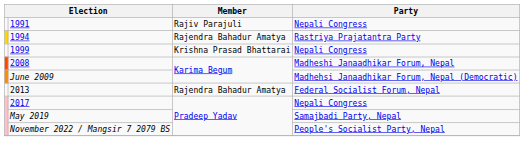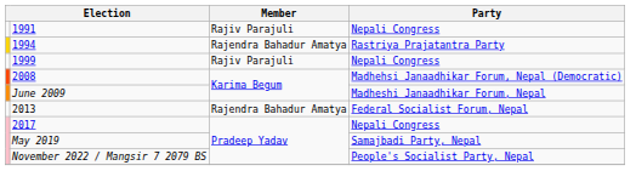 <table class="wikitable">
 <tr>
 <th colspan="2">Election</th>
 <th>Member</th>
 <th>Party</th>
 </tr>
 <tr>
 <td style="background-color:"></td>
 <td><a href='#'>1991</a></td>
 <td>Rajiv Parajuli</td>
 <td><a href='#'>Nepali Congress</a></td>
 </tr>
 <tr>
 <td style="background-color:gold"></td>
 <td><a href='#'>1994</a></td>
 <td>Rajendra Bahadur Amatya</td>
 <td><a href='#'>Rastriya Prajatantra Party</a></td>
 </tr>
 <tr>
 <td style="background-color:"></td>
 <td><a href='#'>1999</a></td>
-<td>Krishna Prasad Bhattarai</td>
+<td>Rajiv Parajuli</td>
 <td><a href='#'>Nepali Congress</a></td>
 </tr>
 <tr>
 <td style="background-color:orangered"></td>
 <td><a href='#'>2008</a></td>
 <td rowspan="2"><a href='#'>Karima Begum</a></td>
-<td><a href='#'>Madheshi Janaadhikar Forum, Nepal</a></td>
+<td><a href='#'>Madhehsi Janaadhikar Forum, Nepal (Democratic)</a></td>
 </tr>
 <tr>
 <td style="background-color:darkorange"></td>
 <td><em>June 2009</em></td>
-<td><a href='#'>Madhehsi Janaadhikar Forum, Nepal (Democratic)</a></td>
+<td><a href='#'>Madheshi Janaadhikar Forum, Nepal</a></td>
 </tr>
 <tr>
 <td style="background-color:"></td>
 <td>2013</td>
 <td>Rajendra Bahadur Amatya</td>
 <td><a href='#'>Federal Socialist Forum, Nepal</a></td>
 </tr>
 <tr>
 <td rowspan="3" style="background-color:pink"></td>
 <td><a href='#'>2017</a></td>
 <td rowspan="3"><a href='#'>Pradeep Yadav</a></td>
 <td><a href='#'>Nepali Congress</a></td>
 </tr>
 <tr>
 <td><em>May 2019</em></td>
 <td><a href='#'>Samajbadi Party, Nepal</a></td>
 </tr>
 <tr>
 <td><em>November 2022 / Mangsir 7 2079 BS</em></td>
 <td><a href='#'>People's Socialist Party, Nepal</a></td>
 </tr>
 <tr>
 </tr>
 </table>
